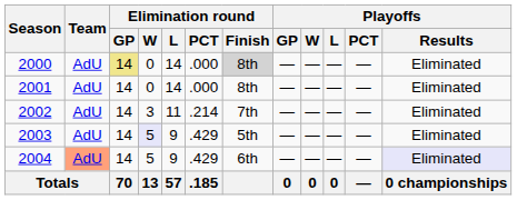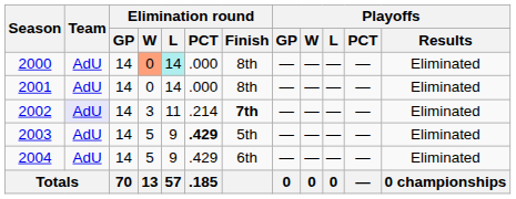 <table class=wikitable style="text-align:center">
 <tr>
 <th rowspan="2">Season</th>
 <th rowspan="2">Team</th>
 <th colspan="5">Elimination round</th>
 <th colspan="5">Playoffs</th>
 </tr>
 <tr>
 <th>GP</th>
 <th>W</th>
 <th>L</th>
 <th>PCT</th>
 <th>Finish</th>
 <th>GP</th>
 <th>W</th>
 <th>L</th>
 <th>PCT</th>
 <th>Results</th>
 </tr>
 <tr>
 <td><a href='#'>2000</a></td>
 <td><a href='#'>AdU</a></td>
-<td style="background: khaki;">14</td>
-<td>0</td>
 <td>14</td>
+<td style="background: lightsalmon;">0</td>
+<td style="background: paleturquoise;">14</td>
 <td>.000</td>
-<td style="background: lightgrey;">8th</td>
+<td>8th</td>
 <td>—</td>
 <td>—</td>
 <td>—</td>
 <td>—</td>
 <td>Eliminated</td>
 </tr>
 <tr>
 <td><a href='#'>2001</a></td>
 <td><a href='#'>AdU</a></td>
 <td>14</td>
 <td>0</td>
 <td>14</td>
 <td>.000</td>
 <td>8th</td>
 <td>—</td>
 <td>—</td>
 <td>—</td>
 <td>—</td>
 <td>Eliminated</td>
 </tr>
 <tr>
 <td><a href='#'>2002</a></td>
-<td><a href='#'>AdU</a></td>
+<td style="background: lavender;"><a href='#'>AdU</a></td>
 <td>14</td>
 <td>3</td>
 <td>11</td>
 <td>.214</td>
-<td>7th</td>
+<td><strong>7th</strong></td>
 <td>—</td>
 <td>—</td>
 <td>—</td>
 <td>—</td>
 <td>Eliminated</td>
 </tr>
 <tr>
 <td><a href='#'>2003</a></td>
 <td><a href='#'>AdU</a></td>
 <td>14</td>
-<td style="background: lavender;">5</td>
+<td>5</td>
 <td>9</td>
-<td>.429</td>
+<td><strong>.429</strong></td>
 <td>5th</td>
 <td>—</td>
 <td>—</td>
 <td>—</td>
 <td>—</td>
 <td>Eliminated</td>
 </tr>
 <tr>
 <td><a href='#'>2004</a></td>
-<td style="background: lightsalmon;"><a href='#'>AdU</a></td>
+<td><a href='#'>AdU</a></td>
 <td>14</td>
 <td>5</td>
 <td>9</td>
 <td>.429</td>
 <td>6th</td>
 <td>—</td>
 <td>—</td>
 <td>—</td>
 <td>—</td>
-<td style="background: lavender;">Eliminated</td>
+<td>Eliminated</td>
 </tr>
 <tr>
 <th colspan="2">Totals</th>
 <th>70</th>
 <th>13</th>
 <th>57</th>
 <th>.185</th>
 <th></th>
 <th>0</th>
 <th>0</th>
 <th>0</th>
 <th>—</th>
 <th>0 championships</th>
 </tr>
 </table>
